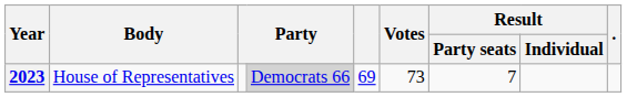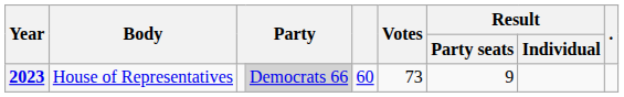 <table class="wikitable plainrowheaders sortable" border=2 cellpadding=4 cellspacing=0 style="border: 1px #aaa solid; font-size: 90%; text-align:center;">
 <tr>
 <th scope="col" rowspan=2>Year</th>
 <th scope="col" rowspan=2>Body</th>
 <th scope="col" colspan=2 rowspan=2>Party</th>
 <th scope="col" rowspan=2></th>
 <th scope="col" rowspan=2>Votes</th>
 <th scope="colgroup" colspan=2>Result</th>
 <th scope="col" rowspan=2 class="unsortable">.</th>
 </tr>
 <tr>
 <th scope="col">Party seats</th>
 <th scope="col">Individual</th>
 </tr>
 <tr>
 <th scope="row"><a href='#'>2023</a></th>
 <td><a href='#'>House of Representatives</a></td>
 <td style="background-color:"></td>
 <td style="background: lightgrey;"><a href='#'>Democrats 66</a></td>
-<td style=text-align:right><a href='#'>69</a></td>
+<td style=text-align:right><a href='#'>60</a></td>
 <td style=text-align:right>73</td>
-<td style=text-align:right>7</td>
+<td style=text-align:right>9</td>
 <td></td>
 <td></td>
 </tr>
 </table>
